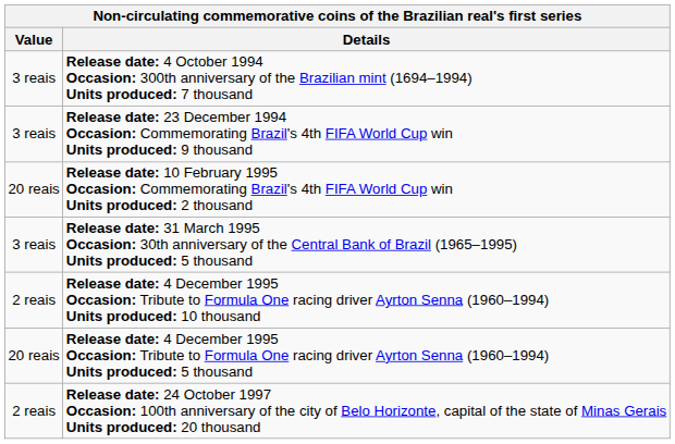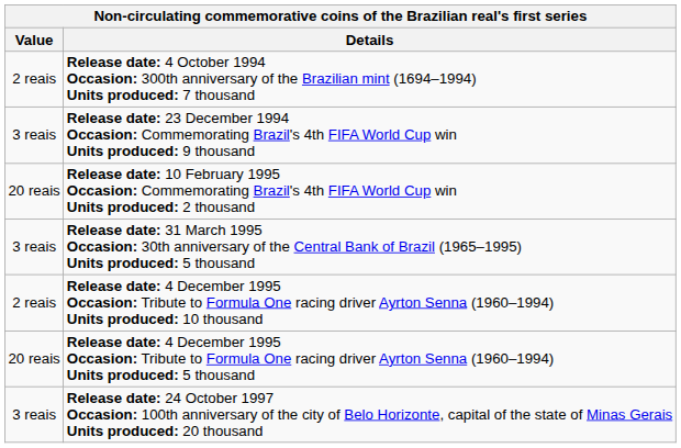 <table border="1" class="wikitable mw-collapsible mw-collapsed">
 <tr>
 <th colspan="3">Non-circulating commemorative coins of the Brazilian real's first series</th>
 </tr>
 <tr ---->
 <th align="Center">Value</th>
 <th align="Center">Details</th>
 </tr>
 <tr ---->
-<td align="Center">3 reais</td>
+<td align="Center">2 reais</td>
 <td><strong>Release date:</strong> 4 October 1994<br><strong>Occasion:</strong> 300th anniversary of the <a href='#'>Brazilian mint</a> (1694–1994)<br><strong>Units produced:</strong> 7 thousand</td>
 </tr>
 <tr ---->
 <td align="Center">3 reais</td>
 <td><strong>Release date:</strong> 23 December 1994<br><strong>Occasion:</strong> Commemorating <a href='#'>Brazil</a>'s 4th <a href='#'>FIFA World Cup</a> win<br><strong>Units produced:</strong> 9 thousand</td>
 </tr>
 <tr ---->
 <td align="Center">20 reais</td>
 <td><strong>Release date:</strong> 10 February 1995<br><strong>Occasion:</strong> Commemorating <a href='#'>Brazil</a>'s 4th <a href='#'>FIFA World Cup</a> win<br><strong>Units produced:</strong> 2 thousand</td>
 </tr>
 <tr ---->
 <td align="Center">3 reais</td>
 <td><strong>Release date:</strong> 31 March 1995<br><strong>Occasion:</strong> 30th anniversary of the <a href='#'>Central Bank of Brazil</a> (1965–1995)<br><strong>Units produced:</strong> 5 thousand</td>
 </tr>
 <tr ---->
 <td align="Center">2 reais</td>
 <td><strong>Release date:</strong> 4 December 1995<br><strong>Occasion:</strong> Tribute to <a href='#'>Formula One</a> racing driver <a href='#'>Ayrton Senna</a> (1960–1994)<br><strong>Units produced:</strong> 10 thousand</td>
 </tr>
 <tr ---->
 <td align="Center">20 reais</td>
 <td><strong>Release date:</strong> 4 December 1995<br><strong>Occasion:</strong> Tribute to <a href='#'>Formula One</a> racing driver <a href='#'>Ayrton Senna</a> (1960–1994)<br><strong>Units produced:</strong> 5 thousand</td>
 </tr>
 <tr ---->
-<td align="Center">2 reais</td>
+<td align="Center">3 reais</td>
 <td><strong>Release date:</strong> 24 October 1997<br><strong>Occasion:</strong> 100th anniversary of the city of <a href='#'>Belo Horizonte</a>, capital of the state of <a href='#'>Minas Gerais</a><br><strong>Units produced:</strong> 20 thousand</td>
 </tr>
 </table>
